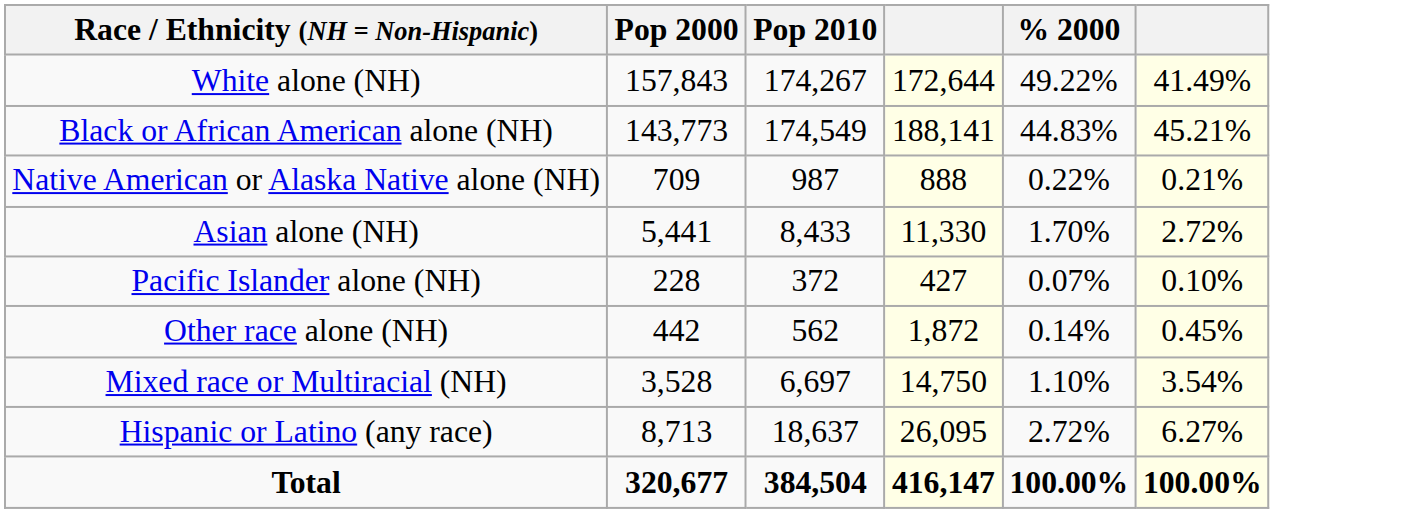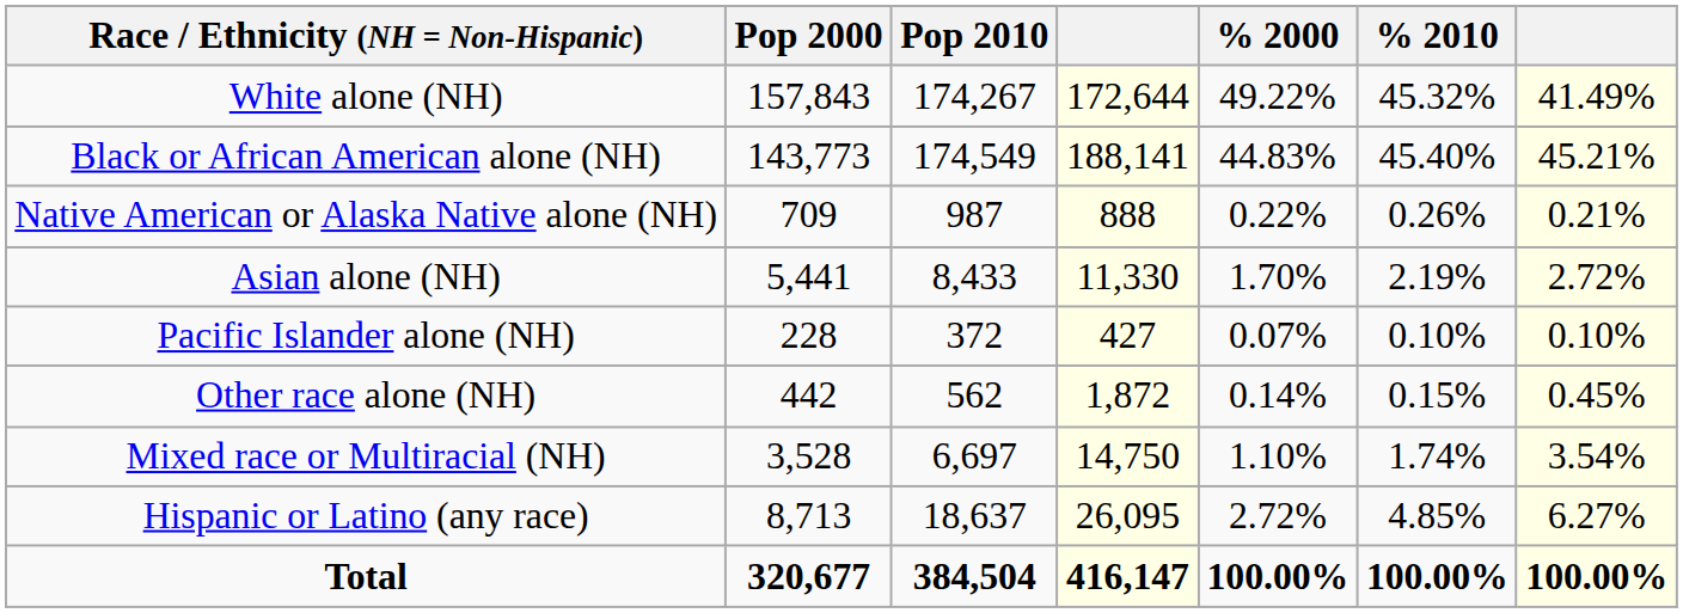 <table class="wikitable" style="text-align:center;">
 <tr>
 <th>Race / Ethnicity <small>(<em>NH = Non-Hispanic</em>)</small></th>
 <th>Pop 2000</th>
 <th>Pop 2010</th>
 <th></th>
 <th>% 2000</th>
+<th>% 2010</th>
 <th></th>
 </tr>
 <tr>
 <td><a href='#'>White</a> alone (NH)</td>
 <td>157,843</td>
 <td>174,267</td>
 <td style='background: #ffffe6;'>172,644</td>
 <td>49.22%</td>
+<td>45.32%</td>
 <td style='background: #ffffe6;'>41.49%</td>
 </tr>
 <tr>
 <td><a href='#'>Black or African American</a> alone (NH)</td>
 <td>143,773</td>
 <td>174,549</td>
 <td style='background: #ffffe6;'>188,141</td>
 <td>44.83%</td>
+<td>45.40%</td>
 <td style='background: #ffffe6;'>45.21%</td>
 </tr>
 <tr>
 <td><a href='#'>Native American</a> or <a href='#'>Alaska Native</a> alone (NH)</td>
 <td>709</td>
 <td>987</td>
 <td style='background: #ffffe6;'>888</td>
 <td>0.22%</td>
+<td>0.26%</td>
 <td style='background: #ffffe6;'>0.21%</td>
 </tr>
 <tr>
 <td><a href='#'>Asian</a> alone (NH)</td>
 <td>5,441</td>
 <td>8,433</td>
 <td style='background: #ffffe6;'>11,330</td>
 <td>1.70%</td>
+<td>2.19%</td>
 <td style='background: #ffffe6;'>2.72%</td>
 </tr>
 <tr>
 <td><a href='#'>Pacific Islander</a> alone (NH)</td>
 <td>228</td>
 <td>372</td>
 <td style='background: #ffffe6;'>427</td>
 <td>0.07%</td>
+<td>0.10%</td>
 <td style='background: #ffffe6;'>0.10%</td>
 </tr>
 <tr>
 <td><a href='#'>Other race</a> alone (NH)</td>
 <td>442</td>
 <td>562</td>
 <td style='background: #ffffe6;'>1,872</td>
 <td>0.14%</td>
+<td>0.15%</td>
 <td style='background: #ffffe6;'>0.45%</td>
 </tr>
 <tr>
 <td><a href='#'>Mixed race or Multiracial</a> (NH)</td>
 <td>3,528</td>
 <td>6,697</td>
 <td style='background: #ffffe6;'>14,750</td>
 <td>1.10%</td>
+<td>1.74%</td>
 <td style='background: #ffffe6;'>3.54%</td>
 </tr>
 <tr>
 <td><a href='#'>Hispanic or Latino</a> (any race)</td>
 <td>8,713</td>
 <td>18,637</td>
 <td style='background: #ffffe6;'>26,095</td>
 <td>2.72%</td>
+<td>4.85%</td>
 <td style='background: #ffffe6;'>6.27%</td>
 </tr>
 <tr>
 <td><strong>Total</strong></td>
 <td><strong>320,677</strong></td>
 <td><strong>384,504</strong></td>
 <td style='background: #ffffe6;'><strong>416,147</strong></td>
 <td><strong>100.00%</strong></td>
+<td><strong>100.00%</strong></td>
 <td style='background: #ffffe6;'><strong>100.00%</strong></td>
 </tr>
 </table>
